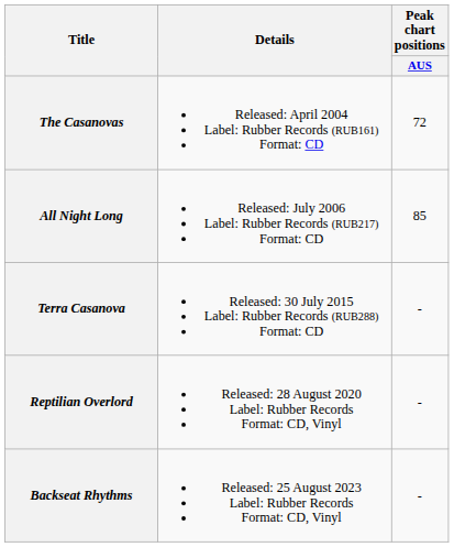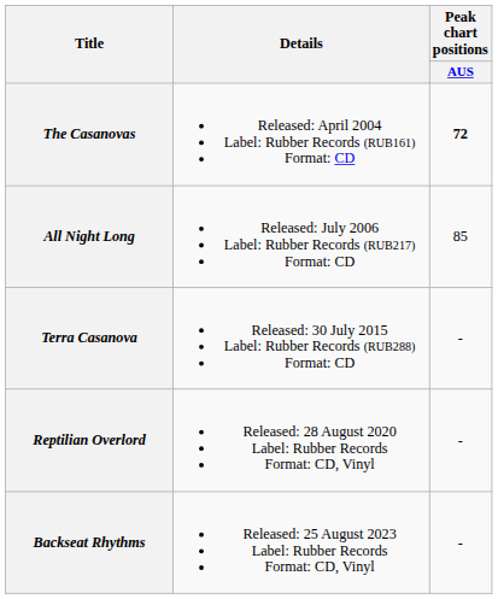 <table class="wikitable plainrowheaders" style="text-align:center;" border="1">
 <tr>
 <th scope="col" rowspan="2" style="width:11em;">Title</th>
 <th scope="col" rowspan="2" style="width:17em;">Details</th>
 <th scope="col" colspan="1">Peak chart positions</th>
 </tr>
 <tr>
 <th scope="col" style="width:3em;font-size:90%;"><a href='#'>AUS</a><br></th>
 </tr>
 <tr>
 <th scope="row"><em>The Casanovas</em></th>
 <td><br><ul><li>Released: April 2004</li><li>Label: Rubber Records <small>(RUB161)</small></li><li>Format: <a href='#'>CD</a></li></ul></td>
-<td>72</td>
+<td><strong>72</strong></td>
 </tr>
 <tr>
 <th scope="row"><em>All Night Long</em></th>
 <td><br><ul><li>Released: July 2006</li><li>Label: Rubber Records <small>(RUB217)</small></li><li>Format: CD</li></ul></td>
 <td>85</td>
 </tr>
 <tr>
 <th scope="row"><em>Terra Casanova</em></th>
 <td><br><ul><li>Released: 30 July 2015</li><li>Label: Rubber Records <small>(RUB288)</small></li><li>Format: CD</li></ul></td>
 <td>-</td>
 </tr>
 <tr>
 <th scope="row"><em>Reptilian Overlord</em></th>
 <td><br><ul><li>Released: 28 August 2020</li><li>Label: Rubber Records <small></small></li><li>Format: CD, Vinyl</li></ul></td>
 <td>-</td>
 </tr>
 <tr>
 <th scope="row"><em>Backseat Rhythms</em></th>
 <td><br><ul><li>Released: 25 August 2023</li><li>Label: Rubber Records <small></small></li><li>Format: CD, Vinyl</li></ul></td>
 <td>-</td>
 </tr>
 </table>
